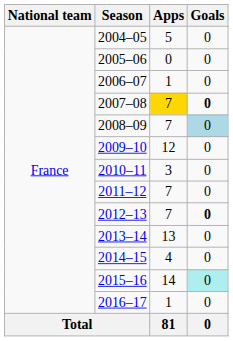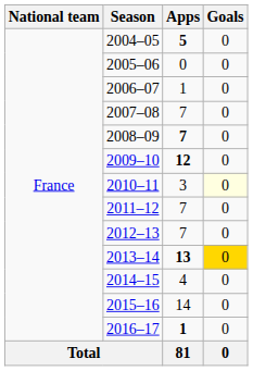 <table class="wikitable" style="text-align: center;">
 <tr>
 <th>National team</th>
 <th>Season</th>
 <th>Apps</th>
 <th>Goals</th>
 </tr>
 <tr>
 <td rowspan="13"><a href='#'>France</a></td>
 <td>2004–05</td>
-<td>5</td>
+<td><strong>5</strong></td>
 <td>0</td>
 </tr>
 <tr>
 <td>2005–06</td>
 <td>0</td>
 <td>0</td>
 </tr>
 <tr>
 <td>2006–07</td>
 <td>1</td>
 <td>0</td>
 </tr>
 <tr>
 <td>2007–08</td>
-<td style="background: gold;">7</td>
-<td><strong>0</strong></td>
+<td>7</td>
+<td>0</td>
 </tr>
 <tr>
 <td>2008–09</td>
-<td>7</td>
-<td style="background: lightblue;">0</td>
+<td><strong>7</strong></td>
+<td>0</td>
 </tr>
 <tr>
 <td><a href='#'>2009–10</a></td>
-<td>12</td>
+<td><strong>12</strong></td>
 <td>0</td>
 </tr>
 <tr>
 <td><a href='#'>2010–11</a></td>
 <td>3</td>
-<td>0</td>
+<td style="background: lightyellow;">0</td>
 </tr>
 <tr>
 <td><a href='#'>2011–12</a></td>
 <td>7</td>
 <td>0</td>
 </tr>
 <tr>
 <td><a href='#'>2012–13</a></td>
 <td>7</td>
-<td><strong>0</strong></td>
+<td>0</td>
 </tr>
 <tr>
 <td><a href='#'>2013–14</a></td>
-<td>13</td>
-<td>0</td>
+<td><strong>13</strong></td>
+<td style="background: gold;">0</td>
 </tr>
 <tr>
 <td><a href='#'>2014–15</a></td>
 <td>4</td>
 <td>0</td>
 </tr>
 <tr>
 <td><a href='#'>2015–16</a></td>
 <td>14</td>
-<td style="background: paleturquoise;">0</td>
+<td>0</td>
 </tr>
 <tr>
 <td><a href='#'>2016–17</a></td>
-<td>1</td>
+<td><strong>1</strong></td>
 <td>0</td>
 </tr>
 <tr>
 <th colspan="2">Total</th>
 <th>81</th>
 <th>0</th>
 </tr>
 </table>
